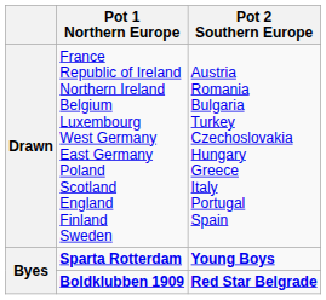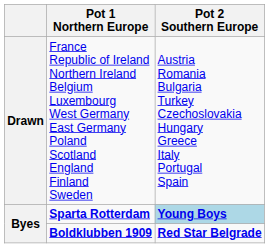 <table class="wikitable">
 <tr>
 <th></th>
 <th>Pot 1<br>Northern Europe</th>
 <th>Pot 2<br>Southern Europe</th>
 </tr>
 <tr>
 <th rowspan="1">Drawn</th>
 <td><a href='#'>France</a><br><a href='#'>Republic of Ireland</a><br><a href='#'>Northern Ireland</a><br><a href='#'>Belgium</a><br><a href='#'>Luxembourg</a><br><a href='#'>West Germany</a><br><a href='#'>East Germany</a><br><a href='#'>Poland</a><br><a href='#'>Scotland</a><br><a href='#'>England</a><br><a href='#'>Finland</a><br><a href='#'>Sweden</a></td>
 <td><a href='#'>Austria</a><br><a href='#'>Romania</a><br><a href='#'>Bulgaria</a><br><a href='#'>Turkey</a><br><a href='#'>Czechoslovakia</a><br><a href='#'>Hungary</a><br><a href='#'>Greece</a><br><a href='#'>Italy</a><br><a href='#'>Portugal</a><br><a href='#'>Spain</a></td>
 </tr>
 <tr>
 <th rowspan="2">Byes</th>
 <td> <strong><a href='#'>Sparta Rotterdam</a></strong></td>
-<td> <strong><a href='#'>Young Boys</a></strong></td>
+<td style="background: lightblue;"> <strong><a href='#'>Young Boys</a></strong></td>
 </tr>
 <tr>
 <td> <strong><a href='#'>Boldklubben 1909</a></strong></td>
 <td> <strong><a href='#'>Red Star Belgrade</a></strong></td>
 </tr>
 </table>
